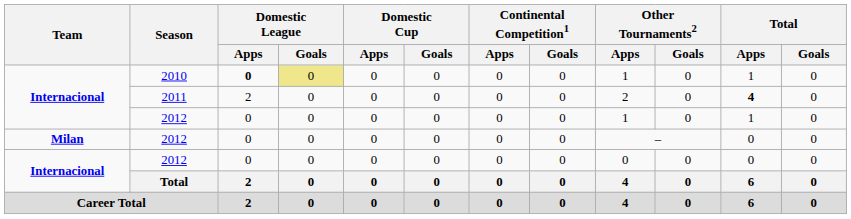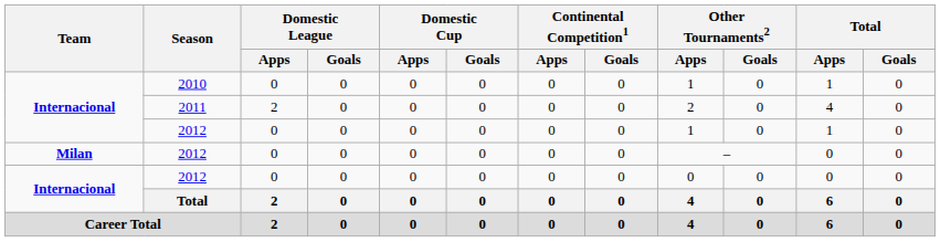 <table class="wikitable" style="font-size:90%; text-align:center; width=75%;">
 <tr>
 <th rowspan=2 width=10%><strong>Team</strong></th>
 <th rowspan=2 width=7%><strong>Season</strong></th>
 <th colspan=2 width=10%>Domestic<br>League</th>
 <th colspan=2 width=10%>Domestic<br>Cup</th>
 <th colspan=2 width=10%>Continental<br>Competition<sup>1</sup></th>
 <th colspan=2 width=10%>Other<br>Tournaments<sup>2</sup></th>
 <th colspan=2 width=10%>Total</th>
 </tr>
 <tr>
 <th><strong>Apps</strong></th>
 <th><strong>Goals</strong></th>
 <th><strong>Apps</strong></th>
 <th><strong>Goals</strong></th>
 <th><strong>Apps</strong></th>
 <th><strong>Goals</strong></th>
 <th><strong>Apps</strong></th>
 <th><strong>Goals</strong></th>
 <th><strong>Apps</strong></th>
 <th><strong>Goals</strong></th>
 </tr>
 <tr>
 <td rowspan="3"><strong><a href='#'>Internacional</a></strong></td>
 <td><a href='#'>2010</a></td>
-<td><strong>0</strong></td>
-<td style="background: khaki;">0</td>
+<td>0</td>
+<td>0</td>
 <td>0</td>
 <td>0</td>
 <td>0</td>
 <td>0</td>
 <td>1</td>
 <td>0</td>
 <td>1</td>
 <td>0</td>
 </tr>
 <tr>
 <td><a href='#'>2011</a></td>
 <td>2</td>
 <td>0</td>
 <td>0</td>
 <td>0</td>
 <td>0</td>
 <td>0</td>
 <td>2</td>
 <td>0</td>
-<td><strong>4</strong></td>
+<td>4</td>
 <td>0</td>
 </tr>
 <tr>
 <td><a href='#'>2012</a></td>
 <td>0</td>
 <td>0</td>
 <td>0</td>
 <td>0</td>
 <td>0</td>
 <td>0</td>
 <td>1</td>
 <td>0</td>
 <td>1</td>
 <td>0</td>
 </tr>
 <tr>
 <td><strong><a href='#'>Milan</a></strong></td>
 <td><a href='#'>2012</a></td>
 <td>0</td>
 <td>0</td>
 <td>0</td>
 <td>0</td>
 <td>0</td>
 <td>0</td>
 <td colspan="2">–</td>
 <td>0</td>
 <td>0</td>
 </tr>
 <tr>
 <td rowspan="2"><strong><a href='#'>Internacional</a></strong></td>
 <td><a href='#'>2012</a></td>
 <td>0</td>
 <td>0</td>
 <td>0</td>
 <td>0</td>
 <td>0</td>
 <td>0</td>
 <td>0</td>
 <td>0</td>
 <td>0</td>
 <td>0</td>
 </tr>
 <tr>
 <th>Total</th>
 <th>2</th>
 <th>0</th>
 <th>0</th>
 <th>0</th>
 <th>0</th>
 <th>0</th>
 <th>4</th>
 <th>0</th>
 <th>6</th>
 <th>0</th>
 </tr>
 <tr style="background: #dcdcdc">
 <td colspan=2><strong>Career Total</strong></td>
 <td><strong>2</strong></td>
 <td><strong>0</strong></td>
 <td><strong>0</strong></td>
 <td><strong>0</strong></td>
 <td><strong>0</strong></td>
 <td><strong>0</strong></td>
 <td><strong>4</strong></td>
 <td><strong>0</strong></td>
 <td><strong>6</strong></td>
 <td><strong>0</strong></td>
 </tr>
 </table>
